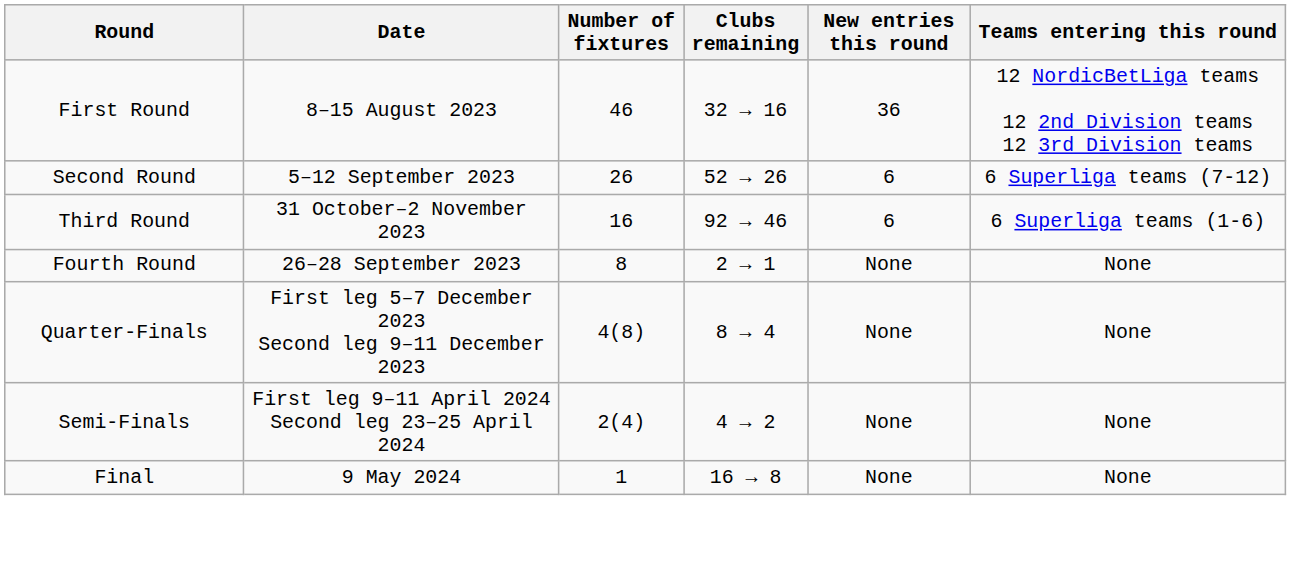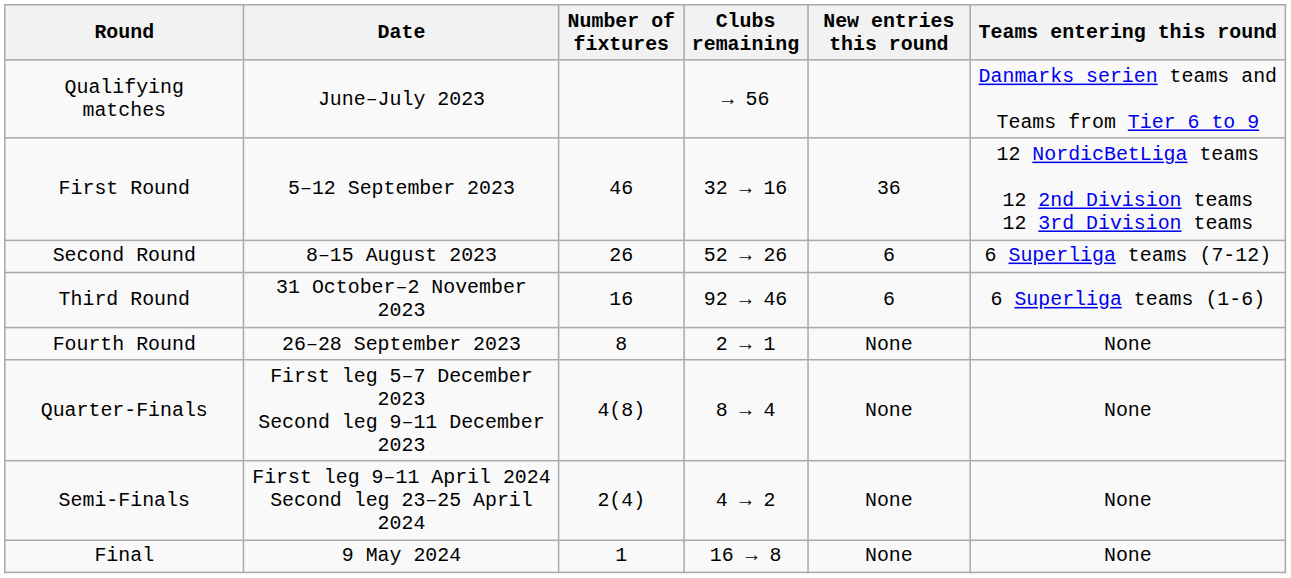 <table class="wikitable plainrowheaders" style="text-align:center">
 <tr>
 <th scope="col" style="width:150px">Round</th>
 <th scope="col" style="width:200px">Date</th>
 <th scope="col" style="width:75px">Number of fixtures</th>
 <th scope="col" style="width:75px">Clubs remaining</th>
 <th scope="col" style="width:100px">New entries this round</th>
 <th scope="col" style="width:200px">Teams entering this round</th>
 </tr>
 <tr>
+<td>Qualifying<br>matches</td>
+<td>June–July 2023</td>
+<td></td>
+<td>→ 56</td>
+<td></td>
+<td><a href='#'>Danmarks serien</a> teams and<br><br>Teams from <a href='#'>Tier 6 to 9</a></td>
+</tr>
+<tr>
 <td>First Round</td>
-<td>8–15 August 2023</td>
+<td>5–12 September 2023</td>
 <td>46</td>
 <td>32 → 16</td>
 <td>36</td>
 <td>12 <a href='#'>NordicBetLiga</a> teams<br><br>12 <a href='#'>2nd Division</a> teams<br> 12 <a href='#'>3rd Division</a> teams<br></td>
 </tr>
 <tr>
 <td>Second Round</td>
-<td>5–12 September 2023</td>
+<td>8–15 August 2023</td>
 <td>26</td>
 <td>52 → 26</td>
 <td>6</td>
 <td>6 <a href='#'>Superliga</a> teams (7-12)</td>
 </tr>
 <tr>
 <td>Third Round</td>
 <td>31 October–2 November 2023</td>
 <td>16</td>
 <td>92 → 46</td>
 <td>6</td>
 <td>6 <a href='#'>Superliga</a> teams (1-6)</td>
 </tr>
 <tr>
 <td>Fourth Round</td>
 <td>26–28 September 2023</td>
 <td>8</td>
 <td>2 → 1</td>
 <td>None</td>
 <td>None</td>
 </tr>
 <tr>
 <td>Quarter-Finals</td>
 <td>First leg 5–7 December 2023<br>Second leg 9–11 December 2023</td>
 <td>4(8)</td>
 <td>8 → 4</td>
 <td>None</td>
 <td>None</td>
 </tr>
 <tr>
 <td>Semi-Finals</td>
 <td>First leg 9–11 April 2024<br>Second leg 23–25 April 2024</td>
 <td>2(4)</td>
 <td>4 → 2</td>
 <td>None</td>
 <td>None</td>
 </tr>
 <tr>
 <td>Final</td>
 <td>9 May 2024</td>
 <td>1</td>
 <td>16 → 8</td>
 <td>None</td>
 <td>None</td>
 </tr>
 </table>
